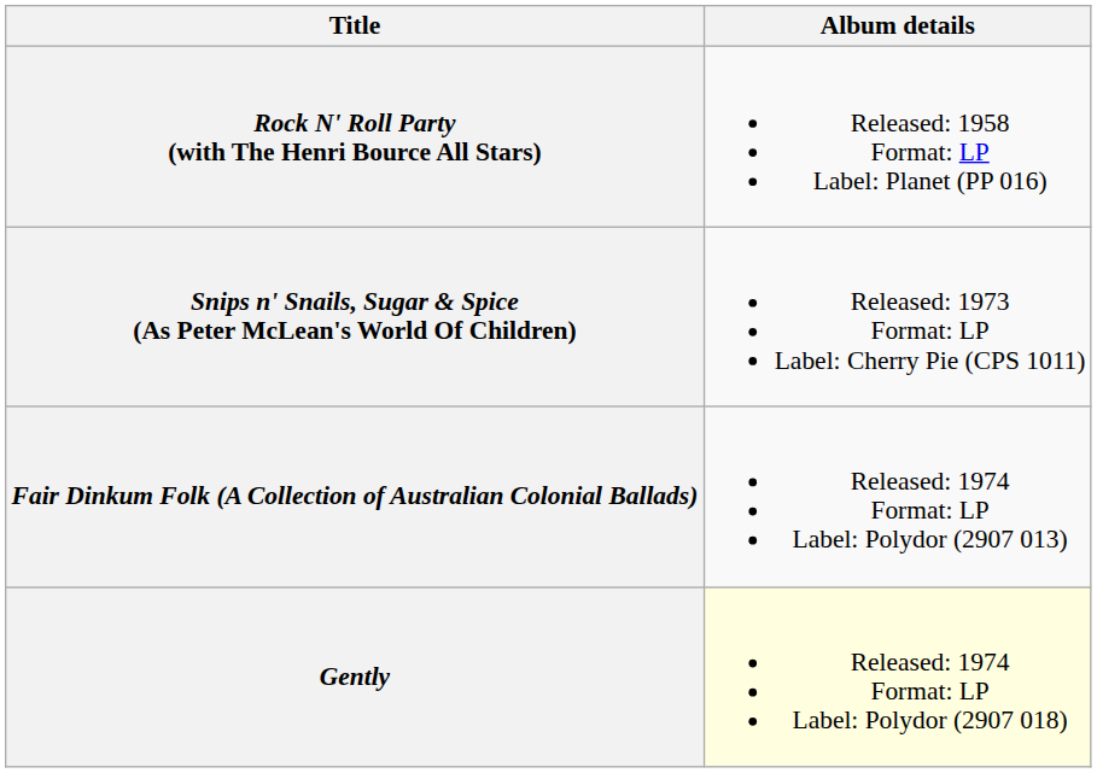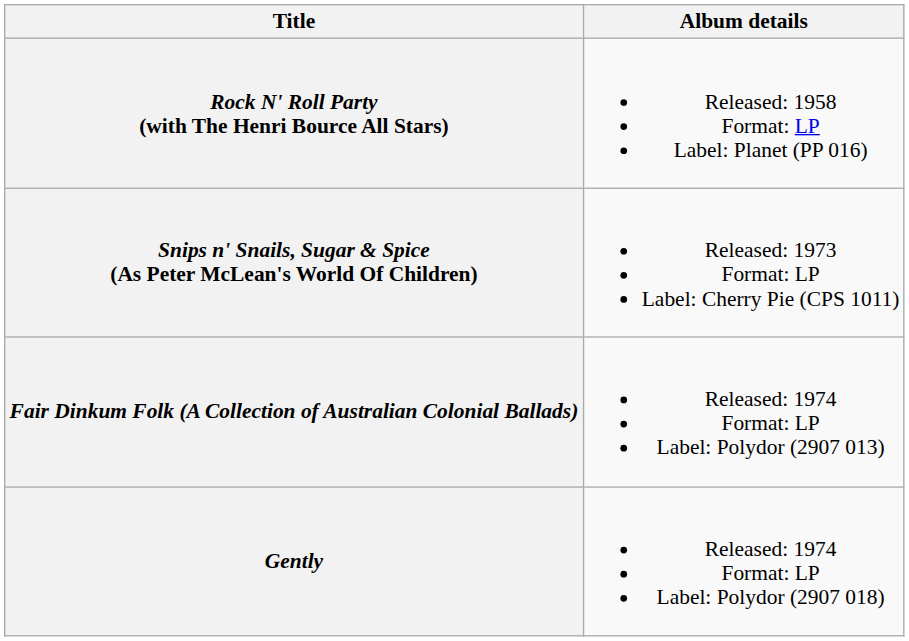 <table class="wikitable plainrowheaders" style="text-align:center">
 <tr>
 <th>Title</th>
 <th>Album details</th>
 </tr>
 <tr>
 <th scope="row"><em>Rock N' Roll Party</em> <br>(with The Henri Bource All Stars)</th>
 <td><br><ul><li>Released: 1958</li><li>Format: <a href='#'>LP</a></li><li>Label: Planet (PP 016)</li></ul></td>
 </tr>
 <tr>
 <th scope="row"><em>Snips n' Snails, Sugar & Spice</em> <br>(As Peter McLean's World Of Children)</th>
 <td><br><ul><li>Released: 1973</li><li>Format: LP</li><li>Label: Cherry Pie (CPS 1011)</li></ul></td>
 </tr>
 <tr>
 <th scope="row"><em>Fair Dinkum Folk (A Collection of Australian Colonial Ballads)</em></th>
 <td><br><ul><li>Released: 1974</li><li>Format: LP</li><li>Label: Polydor (2907 013)</li></ul></td>
 </tr>
 <tr>
 <th scope="row"><em>Gently</em></th>
-<td style="background: lightyellow;"><br><ul><li>Released: 1974</li><li>Format: LP</li><li>Label: Polydor (2907 018)</li></ul></td>
+<td><br><ul><li>Released: 1974</li><li>Format: LP</li><li>Label: Polydor (2907 018)</li></ul></td>
 </tr>
 </table>
